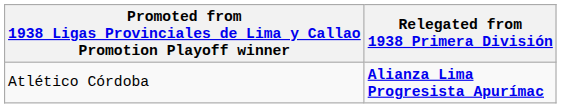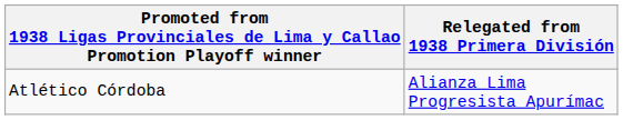 <table class="wikitable">
 <tr>
 <th>Promoted from<br><a href='#'>1938 Ligas Provinciales de Lima y Callao</a><br>Promotion Playoff winner</th>
 <th>Relegated from<br><a href='#'>1938 Primera División</a></th>
 </tr>
 <tr>
 <td> Atlético Córdoba </td>
-<td><strong> <a href='#'>Alianza Lima</a> <br> <a href='#'>Progresista Apurímac</a> </strong></td>
+<td> <a href='#'>Alianza Lima</a> <br> <a href='#'>Progresista Apurímac</a> </td>
 </tr>
 </table>
